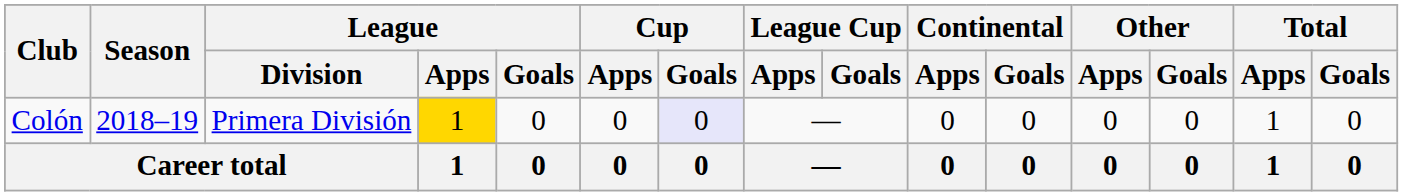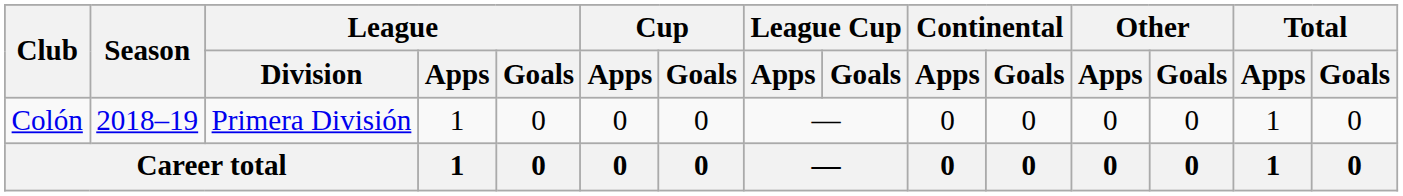 <table class="wikitable" style="text-align:center">
 <tr>
 <th rowspan="2">Club</th>
 <th rowspan="2">Season</th>
 <th colspan="3">League</th>
 <th colspan="2">Cup</th>
 <th colspan="2">League Cup</th>
 <th colspan="2">Continental</th>
 <th colspan="2">Other</th>
 <th colspan="2">Total</th>
 </tr>
 <tr>
 <th>Division</th>
 <th>Apps</th>
 <th>Goals</th>
 <th>Apps</th>
 <th>Goals</th>
 <th>Apps</th>
 <th>Goals</th>
 <th>Apps</th>
 <th>Goals</th>
 <th>Apps</th>
 <th>Goals</th>
 <th>Apps</th>
 <th>Goals</th>
 </tr>
 <tr>
 <td rowspan="1"><a href='#'>Colón</a></td>
 <td><a href='#'>2018–19</a></td>
 <td rowspan="1"><a href='#'>Primera División</a></td>
-<td style="background: gold;">1</td>
+<td>1</td>
 <td>0</td>
 <td>0</td>
-<td style="background: lavender;">0</td>
+<td>0</td>
 <td colspan="2">—</td>
 <td>0</td>
 <td>0</td>
 <td>0</td>
 <td>0</td>
 <td>1</td>
 <td>0</td>
 </tr>
 <tr>
 <th colspan="3">Career total</th>
 <th>1</th>
 <th>0</th>
 <th>0</th>
 <th>0</th>
 <th colspan="2">—</th>
 <th>0</th>
 <th>0</th>
 <th>0</th>
 <th>0</th>
 <th>1</th>
 <th>0</th>
 </tr>
 </table>
